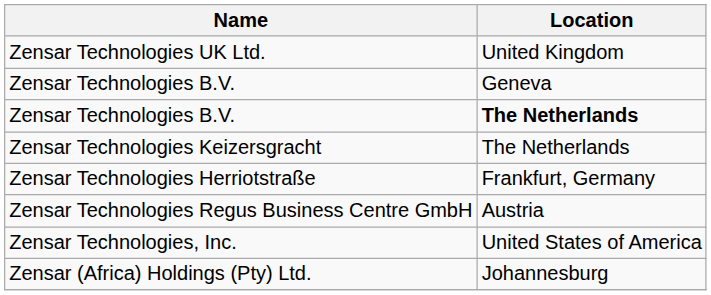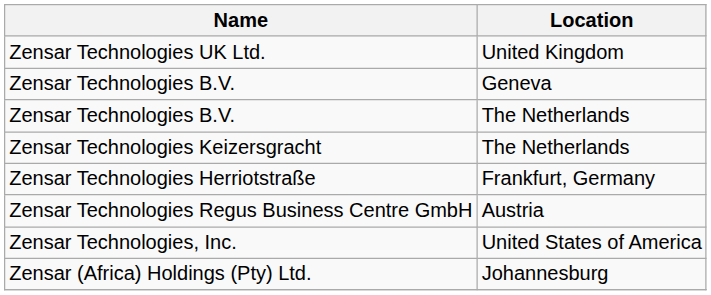 <table class="wikitable sortable">
 <tr>
 <th>Name</th>
 <th>Location</th>
 </tr>
 <tr>
 <td>Zensar Technologies UK Ltd.</td>
 <td>United Kingdom</td>
 </tr>
 <tr>
 <td>Zensar Technologies B.V.</td>
 <td>Geneva</td>
 </tr>
 <tr>
 <td>Zensar Technologies B.V.</td>
-<td><strong>The Netherlands</strong></td>
+<td>The Netherlands</td>
 </tr>
 <tr>
 <td>Zensar Technologies Keizersgracht</td>
 <td>The Netherlands</td>
 </tr>
 <tr>
 <td>Zensar Technologies Herriotstraße</td>
 <td>Frankfurt, Germany</td>
 </tr>
 <tr>
 <td>Zensar Technologies Regus Business Centre GmbH</td>
 <td>Austria</td>
 </tr>
 <tr>
 <td>Zensar Technologies, Inc.</td>
 <td>United States of America</td>
 </tr>
 <tr>
 <td>Zensar (Africa) Holdings (Pty) Ltd.</td>
 <td>Johannesburg</td>
 </tr>
 <tr>
 </tr>
 </table>
